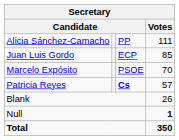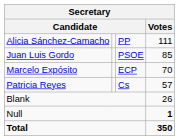 <table class="wikitable" style="font-size:90%; text-align:right;">
 <tr>
 <th colspan="4">Secretary</th>
 </tr>
 <tr>
 <th colspan="3">Candidate</th>
 <th>Votes</th>
 </tr>
 <tr>
 <td align=left><a href='#'>Alicia Sánchez-Camacho</a></td>
 <td style="background:"></td>
 <td align=left><a href='#'>PP</a></td>
 <td>111</td>
 </tr>
 <tr>
 <td align=left><a href='#'>Juan Luis Gordo</a></td>
 <td style="background:"></td>
-<td align=left><a href='#'>ECP</a></td>
+<td align=left><a href='#'>PSOE</a></td>
 <td>85</td>
 </tr>
 <tr>
 <td align=left><a href='#'>Marcelo Expósito</a></td>
 <td style="background:"></td>
-<td align=left><a href='#'>PSOE</a></td>
+<td align=left><a href='#'>ECP</a></td>
 <td>70</td>
 </tr>
 <tr>
 <td align=left><a href='#'>Patricia Reyes</a></td>
 <td style="background:"></td>
-<td align=left><strong><a href='#'>Cs</a></strong></td>
+<td align=left><a href='#'>Cs</a></td>
 <td>57</td>
 </tr>
 <tr>
 <td align=left colspan="3">Blank</td>
 <td>26</td>
 </tr>
 <tr>
 <td align=left colspan="3">Null</td>
 <td><strong>1</strong></td>
 </tr>
 <tr style="font-weight:bold">
 <td align=left colspan="3">Total</td>
 <td>350</td>
 </tr>
 </table>
